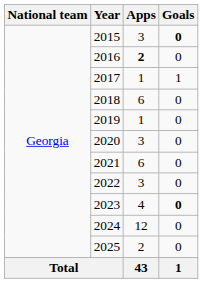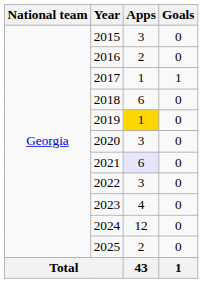 <table class="wikitable" style="text-align:center">
 <tr>
 <th>National team</th>
 <th>Year</th>
 <th>Apps</th>
 <th>Goals</th>
 </tr>
 <tr>
 <td rowspan="11"><a href='#'>Georgia</a></td>
 <td>2015</td>
 <td>3</td>
-<td><strong>0</strong></td>
+<td>0</td>
 </tr>
 <tr>
 <td>2016</td>
-<td><strong>2</strong></td>
+<td>2</td>
 <td>0</td>
 </tr>
 <tr>
 <td>2017</td>
 <td>1</td>
 <td>1</td>
 </tr>
 <tr>
 <td>2018</td>
 <td>6</td>
 <td>0</td>
 </tr>
 <tr>
 <td>2019</td>
-<td>1</td>
+<td style="background: gold;">1</td>
 <td>0</td>
 </tr>
 <tr>
 <td>2020</td>
 <td>3</td>
 <td>0</td>
 </tr>
 <tr>
 <td>2021</td>
-<td>6</td>
+<td style="background: lavender;">6</td>
 <td>0</td>
 </tr>
 <tr>
 <td>2022</td>
 <td>3</td>
 <td>0</td>
 </tr>
 <tr>
 <td>2023</td>
 <td>4</td>
-<td><strong>0</strong></td>
+<td>0</td>
 </tr>
 <tr>
 <td>2024</td>
 <td>12</td>
 <td>0</td>
 </tr>
 <tr>
 <td>2025</td>
 <td>2</td>
 <td>0</td>
 </tr>
 <tr>
 <th colspan="2">Total</th>
 <th>43</th>
 <th>1</th>
 </tr>
 </table>
